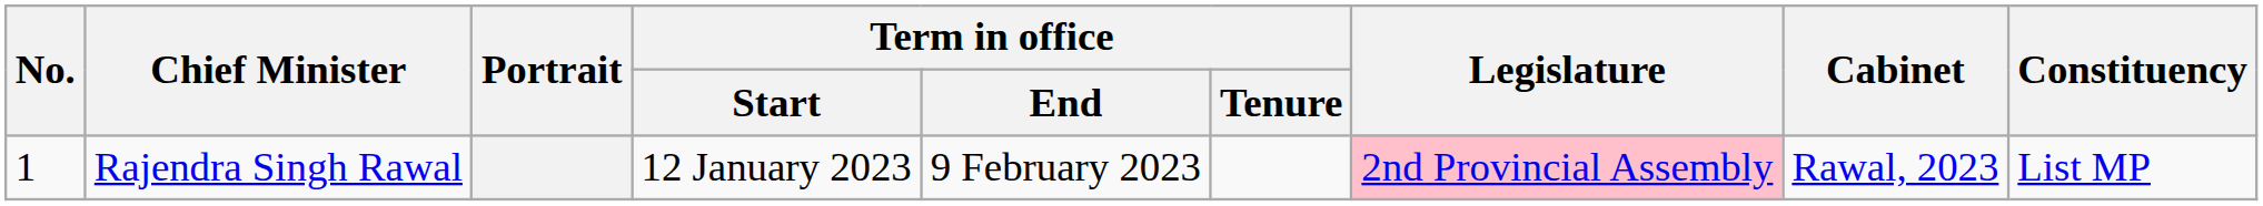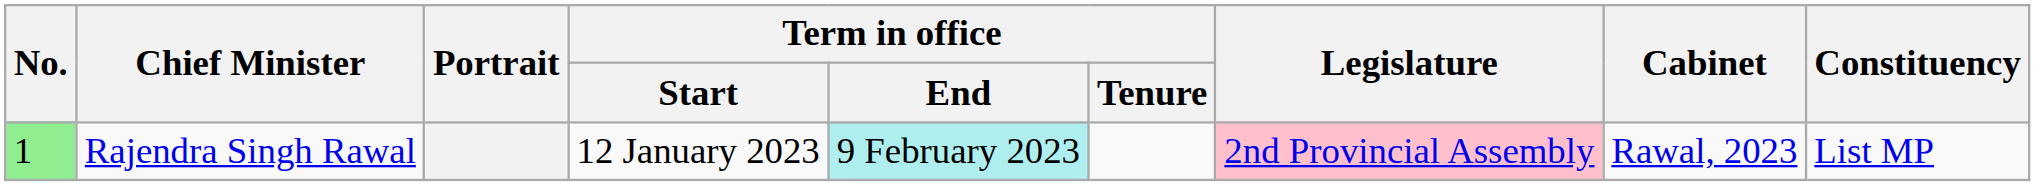 <table class="wikitable">
 <tr>
 <th rowspan="2" style="background-color:">No.</th>
 <th rowspan="2" style="background-color:">Chief Minister</th>
 <th rowspan="2" style="background-color:">Portrait</th>
 <th colspan="3" style="background-color:">Term in office</th>
 <th rowspan="2" style="background-color:">Legislature</th>
 <th rowspan="2" style="background-color:">Cabinet</th>
 <th rowspan="2" style="background-color:">Constituency</th>
 </tr>
 <tr>
 <th style="background-color:">Start</th>
 <th style="background-color:">End</th>
 <th style="background-color:">Tenure</th>
 </tr>
 <tr>
-<td>1</td>
+<td style="background: lightgreen;">1</td>
 <td><a href='#'>Rajendra Singh Rawal</a></td>
 <th></th>
 <td>12 January 2023</td>
-<td>9 February 2023</td>
+<td style="background: paleturquoise;">9 February 2023</td>
 <td></td>
 <td style="background: pink;"><a href='#'>2nd Provincial Assembly</a></td>
 <td><a href='#'>Rawal, 2023</a></td>
 <td><a href='#'>List MP</a></td>
 </tr>
 </table>
